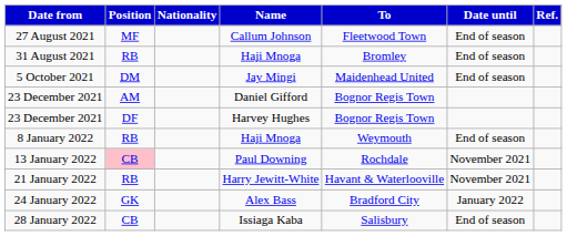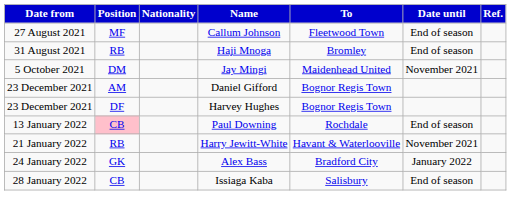 <table class="wikitable"  style="text-align:center; font-size:90%; ">
 <tr>
 <th style="background:mediumblue;color:white;">Date from</th>
 <th style="background:mediumblue;color:white;">Position</th>
 <th style="background:mediumblue;color:white;">Nationality</th>
 <th style="background:mediumblue;color:white;">Name</th>
 <th style="background:mediumblue;color:white;">To</th>
 <th style="background:mediumblue;color:white;">Date until</th>
 <th style="background:mediumblue;color:white;">Ref.</th>
 </tr>
 <tr>
 <td>27 August 2021</td>
 <td><a href='#'>MF</a></td>
 <td></td>
 <td><a href='#'>Callum Johnson</a></td>
 <td> <a href='#'>Fleetwood Town</a></td>
 <td>End of season</td>
 <td></td>
 </tr>
 <tr>
 <td>31 August 2021</td>
 <td><a href='#'>RB</a></td>
 <td></td>
 <td><a href='#'>Haji Mnoga</a></td>
 <td> <a href='#'>Bromley</a></td>
 <td>End of season</td>
 <td></td>
 </tr>
 <tr>
 <td>5 October 2021</td>
 <td><a href='#'>DM</a></td>
 <td></td>
 <td><a href='#'>Jay Mingi</a></td>
 <td> <a href='#'>Maidenhead United</a></td>
-<td>End of season</td>
+<td>November 2021</td>
 <td></td>
 </tr>
 <tr>
 <td>23 December 2021</td>
 <td><a href='#'>AM</a></td>
 <td></td>
 <td>Daniel Gifford</td>
 <td> <a href='#'>Bognor Regis Town</a></td>
 <td></td>
 <td></td>
 </tr>
 <tr>
 <td>23 December 2021</td>
 <td><a href='#'>DF</a></td>
 <td></td>
 <td>Harvey Hughes</td>
 <td> <a href='#'>Bognor Regis Town</a></td>
 <td></td>
 <td></td>
 </tr>
 <tr>
-<td>8 January 2022</td>
-<td><a href='#'>RB</a></td>
-<td></td>
-<td><a href='#'>Haji Mnoga</a></td>
-<td> <a href='#'>Weymouth</a></td>
-<td>End of season</td>
-<td></td>
-</tr>
-<tr>
 <td>13 January 2022</td>
 <td style="background: pink;"><a href='#'>CB</a></td>
 <td></td>
 <td><a href='#'>Paul Downing</a></td>
 <td> <a href='#'>Rochdale</a></td>
-<td>November 2021</td>
+<td>End of season</td>
 <td></td>
 </tr>
 <tr>
 <td>21 January 2022</td>
 <td><a href='#'>RB</a></td>
 <td></td>
 <td><a href='#'>Harry Jewitt-White</a></td>
 <td> <a href='#'>Havant & Waterlooville</a></td>
 <td>November 2021</td>
 <td></td>
 </tr>
 <tr>
 <td>24 January 2022</td>
 <td><a href='#'>GK</a></td>
 <td></td>
 <td><a href='#'>Alex Bass</a></td>
 <td> <a href='#'>Bradford City</a></td>
 <td>January 2022</td>
 <td></td>
 </tr>
 <tr>
 <td>28 January 2022</td>
 <td><a href='#'>CB</a></td>
 <td></td>
 <td>Issiaga Kaba</td>
 <td> <a href='#'>Salisbury</a></td>
 <td>End of season</td>
 <td></td>
 </tr>
 </table>
